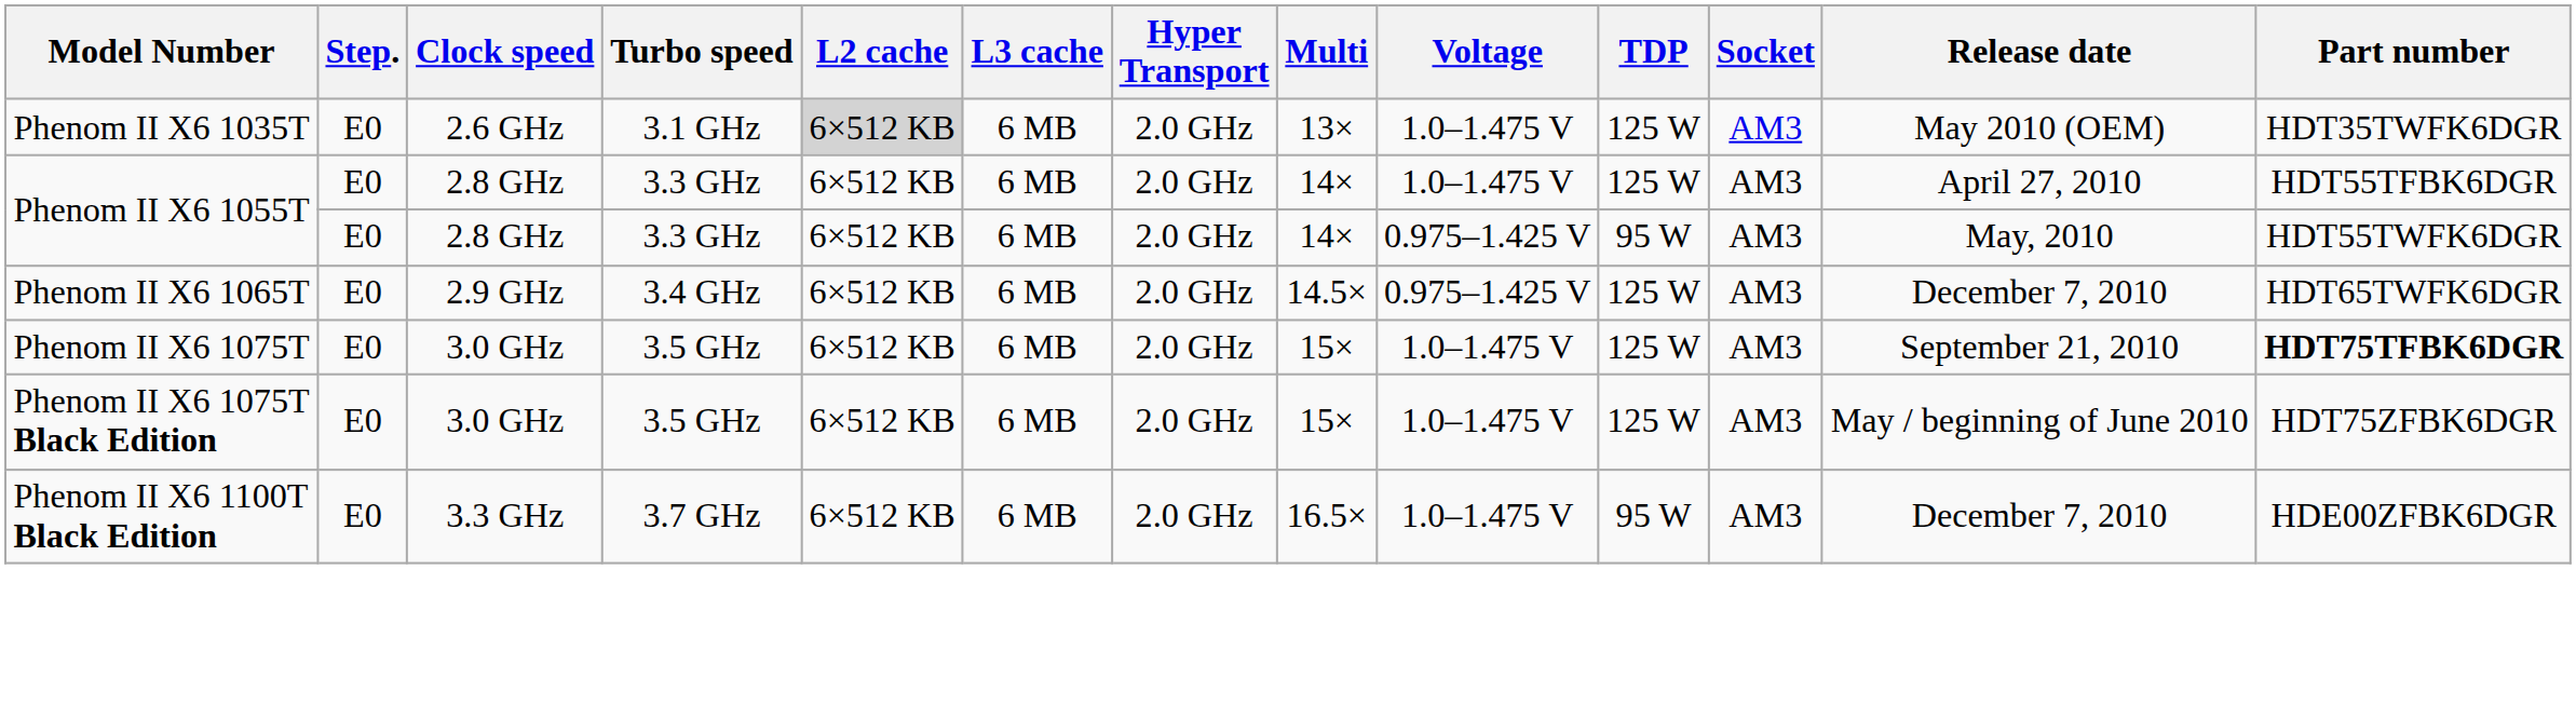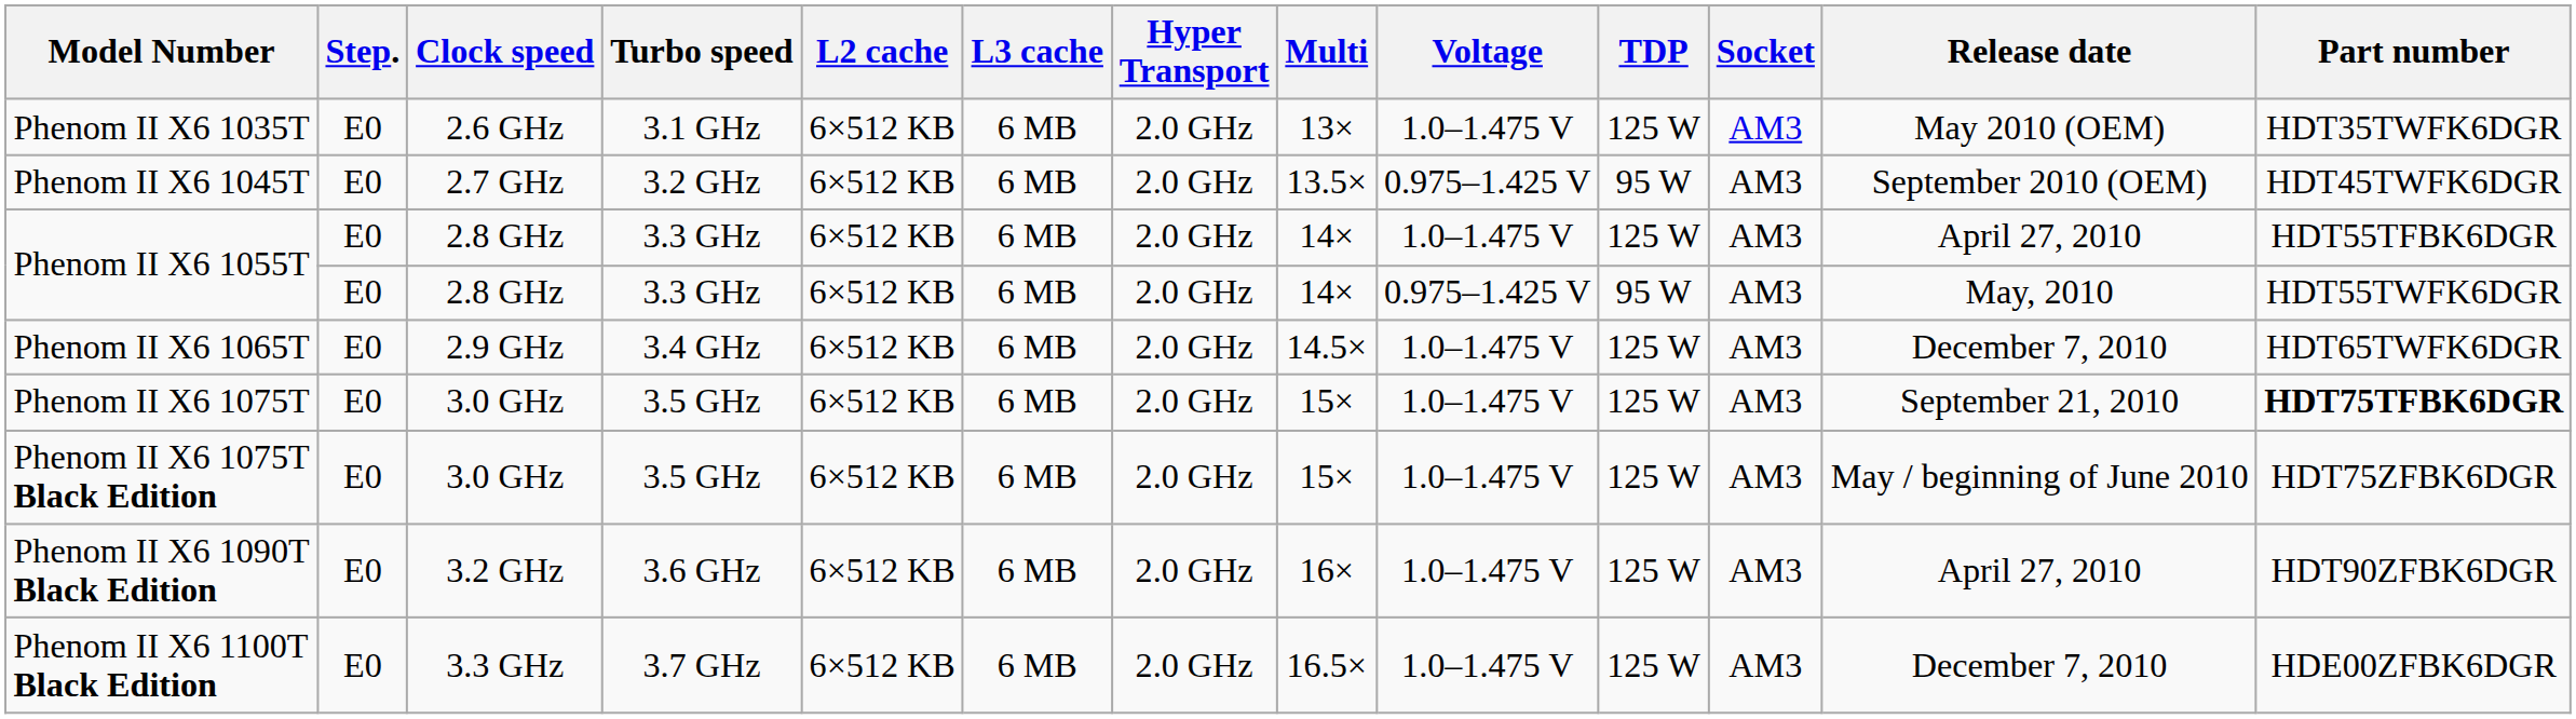 <table class="wikitable" style="text-align: center">
 <tr>
 <th>Model Number</th>
 <th><a href='#'>Step</a>.</th>
 <th><a href='#'>Clock speed</a></th>
 <th>Turbo speed</th>
 <th><a href='#'>L2 cache</a></th>
 <th><a href='#'>L3 cache</a></th>
 <th><a href='#'>Hyper<br>Transport</a></th>
 <th><a href='#'>Multi</a></th>
 <th><a href='#'>Voltage</a></th>
 <th><a href='#'>TDP</a></th>
 <th><a href='#'>Socket</a></th>
 <th>Release date</th>
 <th>Part number</th>
 </tr>
 <tr>
 <td style="text-align:left">Phenom II X6 1035T</td>
 <td>E0</td>
 <td>2.6 GHz</td>
 <td>3.1 GHz</td>
-<td style="background: lightgrey; white-space: nowrap;">6×512 KB</td>
+<td style="white-space: nowrap;">6×512 KB</td>
 <td>6 MB</td>
 <td>2.0 GHz</td>
 <td>13×</td>
 <td>1.0–1.475 V</td>
 <td>125 W</td>
 <td><a href='#'>AM3</a></td>
 <td>May 2010 (OEM)</td>
 <td>HDT35TWFK6DGR</td>
+</tr>
+<tr>
+<td style="text-align:left">Phenom II X6 1045T</td>
+<td>E0</td>
+<td>2.7 GHz</td>
+<td>3.2 GHz</td>
+<td>6×512 KB</td>
+<td>6 MB</td>
+<td>2.0 GHz</td>
+<td>13.5×</td>
+<td>0.975–1.425 V</td>
+<td>95 W</td>
+<td>AM3</td>
+<td>September 2010 (OEM)</td>
+<td>HDT45TWFK6DGR</td>
 </tr>
 <tr>
 <td style="text-align:left" rowspan="2">Phenom II X6 1055T</td>
 <td>E0</td>
 <td>2.8 GHz</td>
 <td>3.3 GHz</td>
 <td>6×512 KB</td>
 <td>6 MB</td>
 <td>2.0 GHz</td>
 <td>14×</td>
 <td>1.0–1.475 V</td>
 <td>125 W</td>
 <td>AM3</td>
 <td>April 27, 2010</td>
 <td>HDT55TFBK6DGR</td>
 </tr>
 <tr>
 <td>E0</td>
 <td>2.8 GHz</td>
 <td>3.3 GHz</td>
 <td>6×512 KB</td>
 <td>6 MB</td>
 <td>2.0 GHz</td>
 <td>14×</td>
 <td>0.975–1.425 V</td>
 <td>95 W</td>
 <td>AM3</td>
 <td>May, 2010</td>
 <td>HDT55TWFK6DGR</td>
 </tr>
 <tr>
 <td style="text-align:left">Phenom II X6 1065T</td>
 <td>E0</td>
 <td>2.9 GHz</td>
 <td>3.4 GHz</td>
 <td>6×512 KB</td>
 <td>6 MB</td>
 <td>2.0 GHz</td>
 <td>14.5×</td>
-<td style="white-space: nowrap;">0.975–1.425 V</td>
+<td>1.0–1.475 V</td>
 <td>125 W</td>
 <td>AM3</td>
 <td>December 7, 2010</td>
 <td>HDT65TWFK6DGR</td>
 </tr>
 <tr>
 <td style="text-align:left">Phenom II X6 1075T</td>
 <td>E0</td>
 <td>3.0 GHz</td>
 <td>3.5 GHz</td>
 <td>6×512 KB</td>
 <td>6 MB</td>
 <td>2.0 GHz</td>
 <td>15×</td>
 <td>1.0–1.475 V</td>
 <td>125 W</td>
 <td>AM3</td>
 <td>September 21, 2010</td>
 <td><strong>HDT75TFBK6DGR</strong></td>
 </tr>
 <tr>
 <td style="text-align:left">Phenom II X6 1075T <br><strong>Black Edition</strong></td>
 <td>E0</td>
 <td>3.0 GHz</td>
 <td>3.5 GHz</td>
 <td>6×512 KB</td>
 <td>6 MB</td>
 <td>2.0 GHz</td>
 <td>15×</td>
 <td>1.0–1.475 V</td>
 <td>125 W</td>
 <td>AM3</td>
 <td>May / beginning of June 2010</td>
 <td>HDT75ZFBK6DGR</td>
 </tr>
 <tr>
+<td style="text-align:left">Phenom II X6 1090T <br><strong>Black Edition</strong></td>
+<td>E0</td>
+<td>3.2 GHz</td>
+<td>3.6 GHz</td>
+<td>6×512 KB</td>
+<td>6 MB</td>
+<td>2.0 GHz</td>
+<td>16×</td>
+<td>1.0–1.475 V</td>
+<td>125 W</td>
+<td>AM3</td>
+<td>April 27, 2010</td>
+<td>HDT90ZFBK6DGR</td>
+</tr>
+<tr>
 <td style="text-align:left">Phenom II X6 1100T <br><strong>Black Edition</strong></td>
 <td>E0</td>
 <td>3.3 GHz</td>
 <td>3.7 GHz</td>
 <td>6×512 KB</td>
 <td>6 MB</td>
 <td>2.0 GHz</td>
 <td>16.5×</td>
 <td>1.0–1.475 V</td>
-<td>95 W</td>
+<td>125 W</td>
 <td>AM3</td>
 <td>December 7, 2010</td>
 <td>HDE00ZFBK6DGR</td>
 </tr>
 </table>
